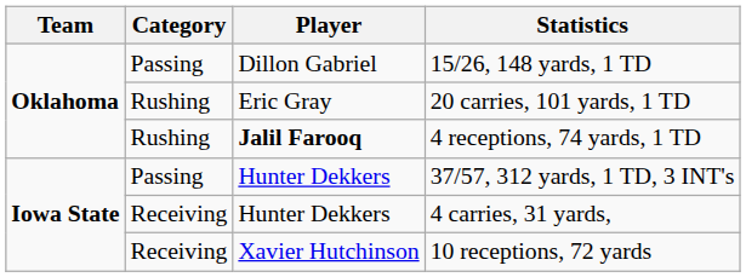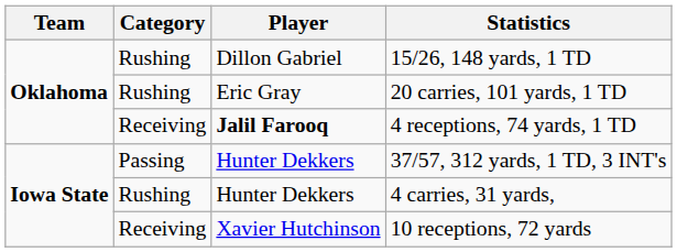 <table class="wikitable" style="float: right;">
 <tr>
 <th>Team</th>
 <th>Category</th>
 <th>Player</th>
 <th>Statistics</th>
 </tr>
 <tr>
 <td rowspan=3><strong>Oklahoma</strong></td>
-<td>Passing</td>
+<td>Rushing</td>
 <td>Dillon Gabriel</td>
 <td>15/26, 148 yards, 1 TD</td>
 </tr>
 <tr>
 <td>Rushing</td>
 <td>Eric Gray</td>
 <td>20 carries, 101 yards, 1 TD</td>
 </tr>
 <tr>
-<td>Rushing</td>
+<td>Receiving</td>
 <td><strong>Jalil Farooq</strong></td>
 <td>4 receptions, 74 yards, 1 TD</td>
 </tr>
 <tr>
 <td rowspan=3><strong>Iowa State</strong></td>
 <td>Passing</td>
 <td><a href='#'>Hunter Dekkers</a></td>
 <td>37/57, 312 yards, 1 TD, 3 INT's</td>
 </tr>
 <tr>
-<td>Receiving</td>
+<td>Rushing</td>
 <td>Hunter Dekkers</td>
 <td>4 carries, 31 yards,</td>
 </tr>
 <tr>
 <td>Receiving</td>
 <td><a href='#'>Xavier Hutchinson</a></td>
 <td>10 receptions, 72 yards</td>
 </tr>
 </table>
